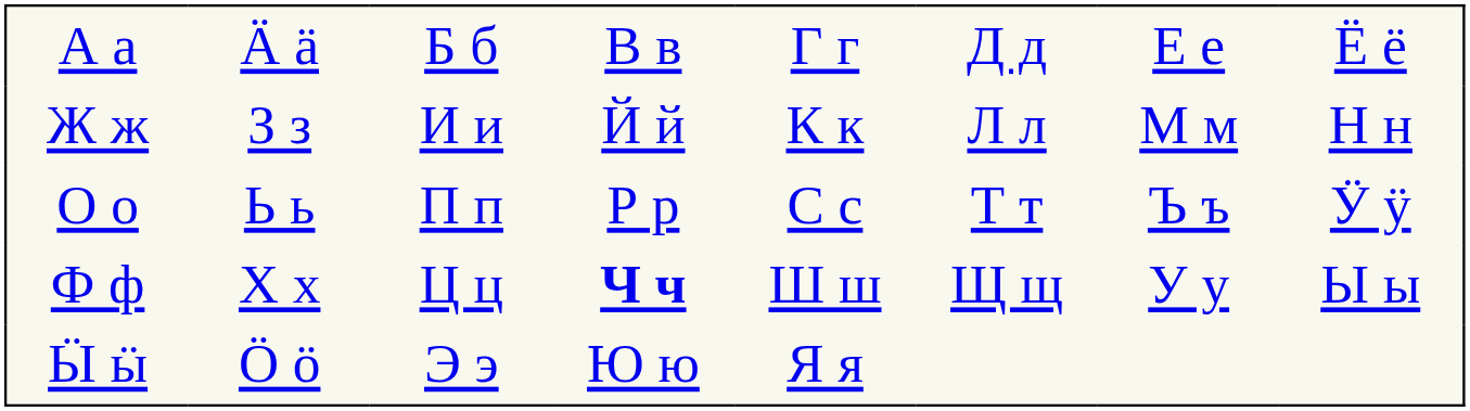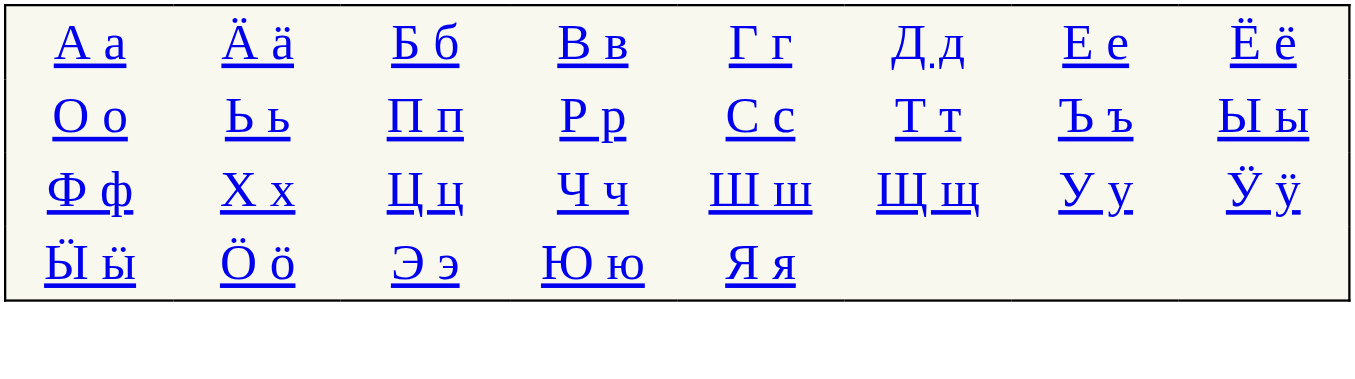 <table style="font-family:Arial Unicode MS; font-size:1.4em; border-color:#000000; border-width:1px; border-style:solid; border-collapse:collapse; background-color:#F8F8EF">
 <tr>
 <td style="width:3em; text-align:center; padding: 3px;"><a href='#'>А а</a></td>
 <td style="width:3em; text-align:center; padding: 3px;"><a href='#'>Ӓ ӓ</a></td>
 <td style="width:3em; text-align:center; padding: 3px;"><a href='#'>Б б</a></td>
 <td style="width:3em; text-align:center; padding: 3px;"><a href='#'>В в</a></td>
 <td style="width:3em; text-align:center; padding: 3px;"><a href='#'>Г г</a></td>
 <td style="width:3em; text-align:center; padding: 3px;"><a href='#'>Д д</a></td>
 <td style="width:3em; text-align:center; padding: 3px;"><a href='#'>Е е</a></td>
 <td style="width:3em; text-align:center; padding: 3px;"><a href='#'>Ё ё</a></td>
 </tr>
 <tr>
-<td style="width:3em; text-align:center; padding: 3px;"><a href='#'>Ж ж</a></td>
-<td style="width:3em; text-align:center; padding: 3px;"><a href='#'>З з</a></td>
-<td style="width:3em; text-align:center; padding: 3px;"><a href='#'>И и</a></td>
-<td style="width:3em; text-align:center; padding: 3px;"><a href='#'>Й й</a></td>
-<td style="width:3em; text-align:center; padding: 3px;"><a href='#'>К к</a></td>
-<td style="width:3em; text-align:center; padding: 3px;"><a href='#'>Л л</a></td>
-<td style="width:3em; text-align:center; padding: 3px;"><a href='#'>М м</a></td>
-<td style="width:3em; text-align:center; padding: 3px;"><a href='#'>Н н</a></td>
-</tr>
-<tr>
 <td style="width:3em; text-align:center; padding: 3px;"><a href='#'>О о</a></td>
 <td style="width:3em; text-align:center; padding: 3px;"><a href='#'>Ь ь</a></td>
 <td style="width:3em; text-align:center; padding: 3px;"><a href='#'>П п</a></td>
 <td style="width:3em; text-align:center; padding: 3px;"><a href='#'>Р р</a></td>
 <td style="width:3em; text-align:center; padding: 3px;"><a href='#'>С с</a></td>
 <td style="width:3em; text-align:center; padding: 3px;"><a href='#'>Т т</a></td>
 <td style="width:3em; text-align:center; padding: 3px;"><a href='#'>Ъ ъ</a></td>
-<td style="width:3em; text-align:center; padding: 3px;"><a href='#'>Ӱ ӱ</a></td>
+<td style="width:3em; text-align:center; padding: 3px;"><a href='#'>Ы ы</a></td>
 </tr>
 <tr>
 <td style="width:3em; text-align:center; padding: 3px;"><a href='#'>Ф ф</a></td>
 <td style="width:3em; text-align:center; padding: 3px;"><a href='#'>Х х</a></td>
 <td style="width:3em; text-align:center; padding: 3px;"><a href='#'>Ц ц</a></td>
-<td style="width:3em; text-align:center; padding: 3px;"><strong><a href='#'>Ч ч</a></strong></td>
+<td style="width:3em; text-align:center; padding: 3px;"><a href='#'>Ч ч</a></td>
 <td style="width:3em; text-align:center; padding: 3px;"><a href='#'>Ш ш</a></td>
 <td style="width:3em; text-align:center; padding: 3px;"><a href='#'>Щ щ</a></td>
 <td style="width:3em; text-align:center; padding: 3px;"><a href='#'>У у</a></td>
-<td style="width:3em; text-align:center; padding: 3px;"><a href='#'>Ы ы</a></td>
+<td style="width:3em; text-align:center; padding: 3px;"><a href='#'>Ӱ ӱ</a></td>
 </tr>
 <tr>
 <td style="width:3em; text-align:center; padding: 3px;"><a href='#'>Ӹ ӹ</a></td>
 <td style="width:3em; text-align:center; padding: 3px;"><a href='#'>Ӧ ӧ</a></td>
 <td style="width:3em; text-align:center; padding: 3px;"><a href='#'>Э э</a></td>
 <td style="width:3em; text-align:center; padding: 3px;"><a href='#'>Ю ю</a></td>
 <td style="width:3em; text-align:center; padding: 3px;"><a href='#'>Я я</a></td>
 <td style="width:3em; text-align:center; padding: 3px;"> </td>
 <td style="width:3em; text-align:center; padding: 3px;"> </td>
 <td style="width:3em; text-align:center; padding: 3px;"> </td>
 </tr>
 </table>
